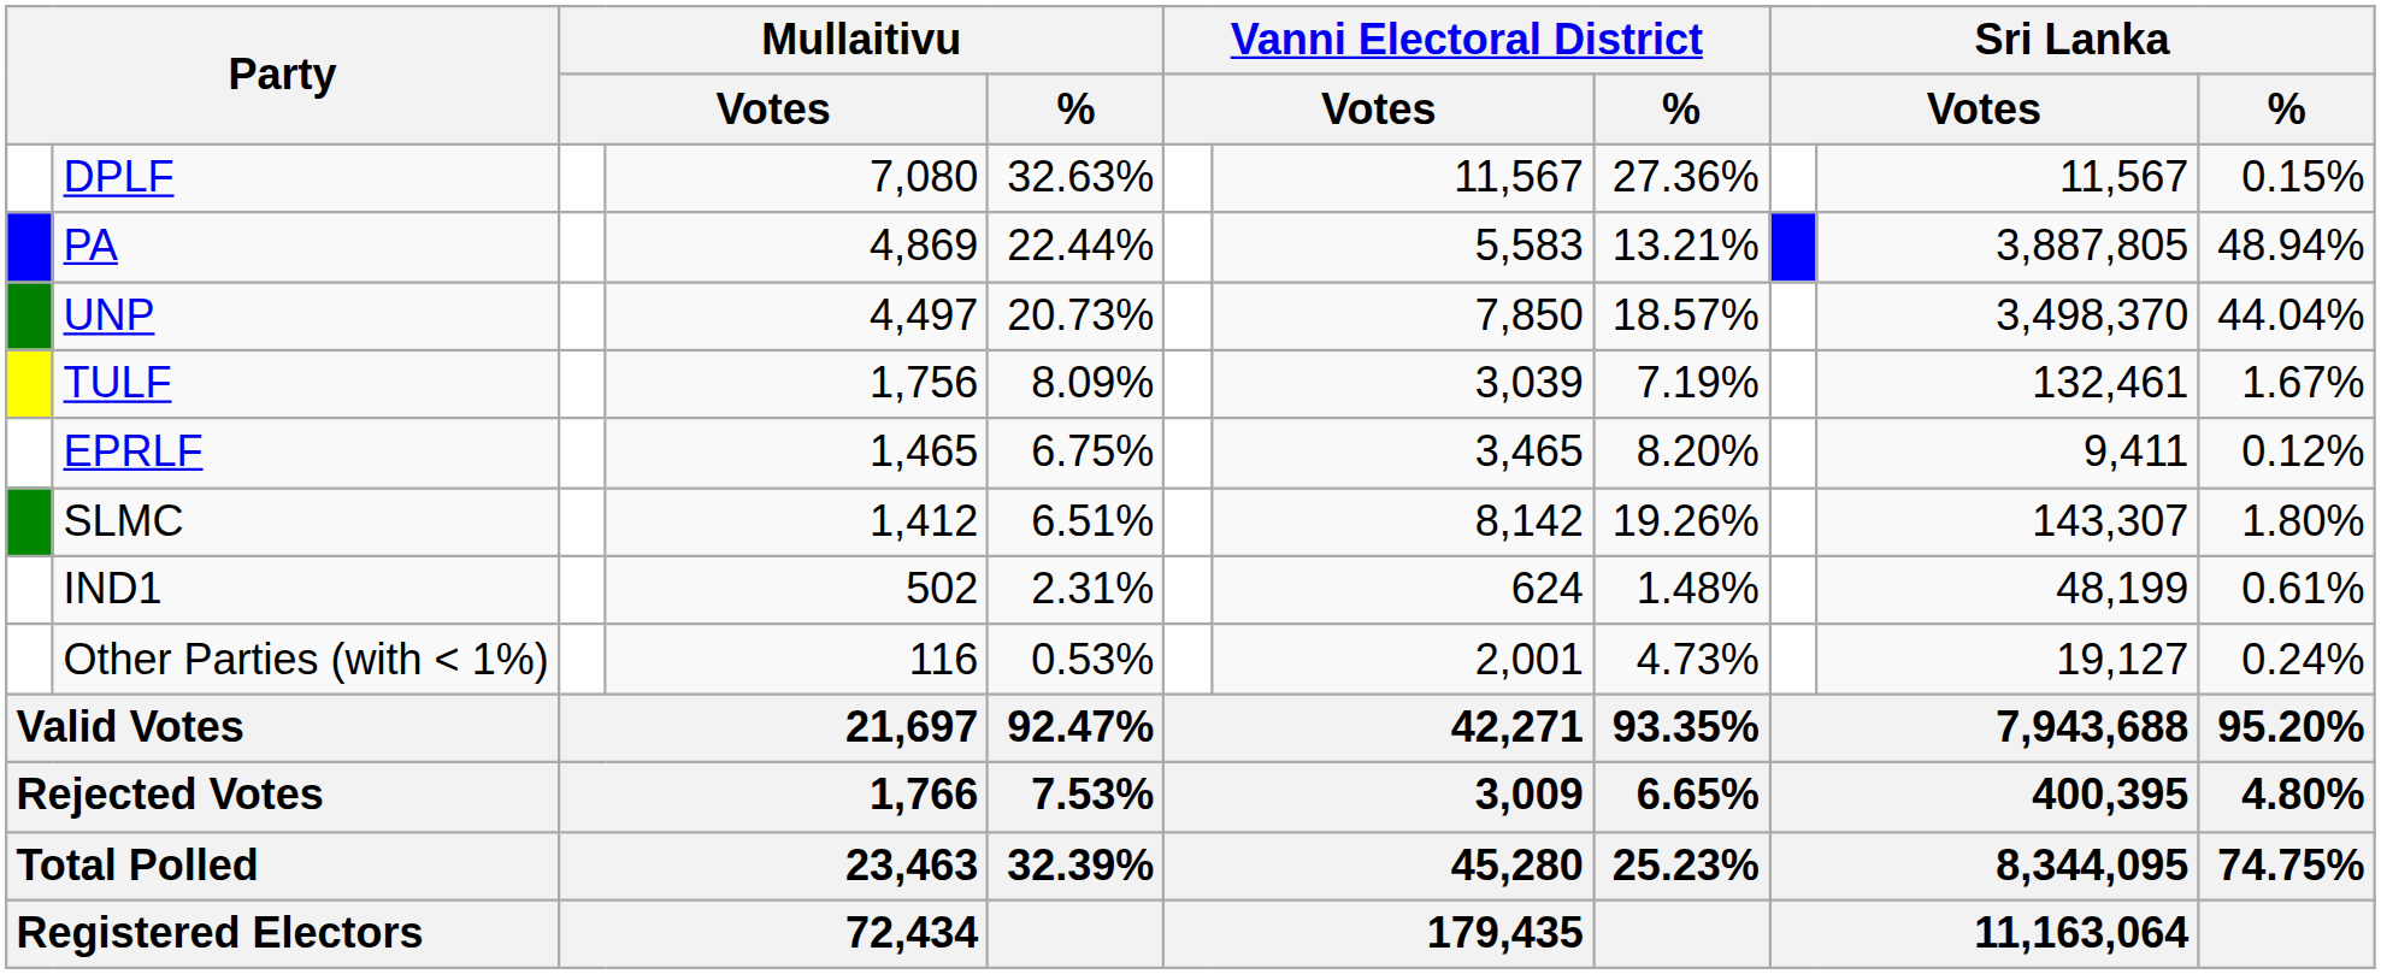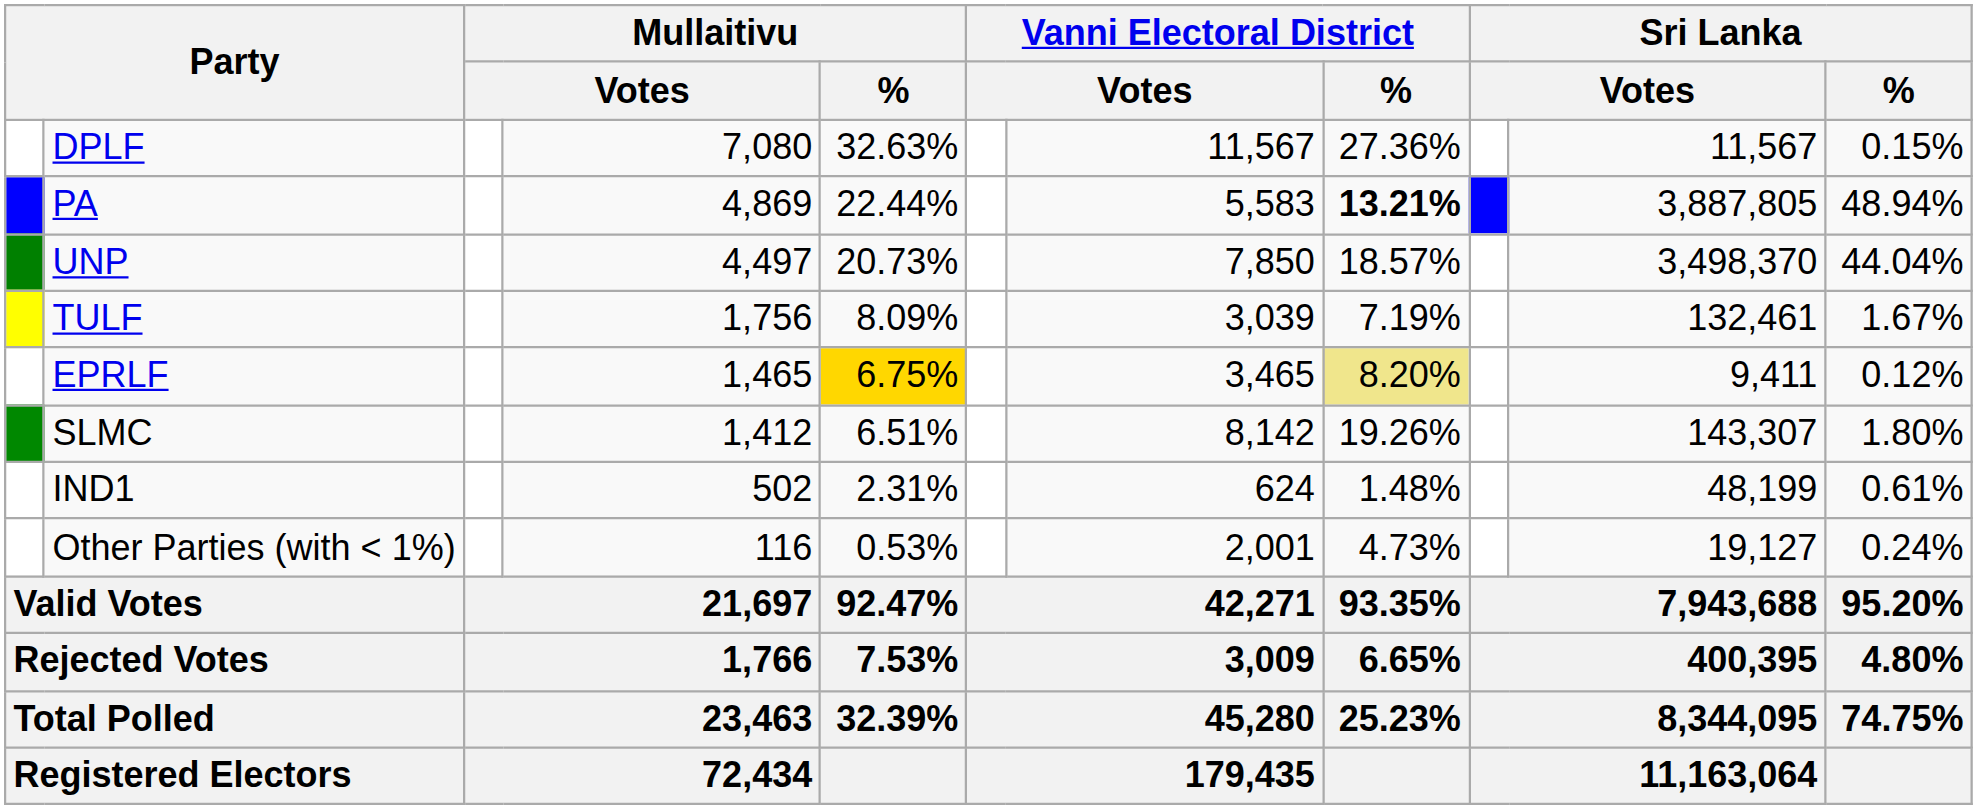 <table class="wikitable">
 <tr>
 <th colspan="2" width="144px"rowspan="2">Party</th>
 <th colspan="3" width="216px">Mullaitivu</th>
 <th colspan="3" width="216px"><a href='#'>Vanni Electoral District</a></th>
 <th colspan="3" width="216px">Sri Lanka</th>
 </tr>
 <tr>
 <th colspan="2" width="144px">Votes</th>
 <th>%</th>
 <th colspan="2" width="144px">Votes</th>
 <th>%</th>
 <th colspan="2" width="144px">Votes</th>
 <th>%</th>
 </tr>
 <tr>
 <td style="background-color:white;" width="10px"></td>
 <td style="text-align:left;"><a href='#'>DPLF</a></td>
 <td style="background-color:white;" width="10px"></td>
 <td style="text-align:right;">7,080</td>
 <td style="text-align:right;">32.63%</td>
 <td style="background-color:white;" width="10px"></td>
 <td style="text-align:right;">11,567</td>
 <td style="text-align:right;">27.36%</td>
 <td style="background-color:white;" width="10px"></td>
 <td style="text-align:right;">11,567</td>
 <td style="text-align:right;">0.15%</td>
 </tr>
 <tr>
 <td style="background-color:blue;" width="10px"></td>
 <td style="text-align:left;"><a href='#'>PA</a></td>
 <td style="background-color:white;" width="10px"></td>
 <td style="text-align:right;">4,869</td>
 <td style="text-align:right;">22.44%</td>
 <td style="background-color:white;" width="10px"></td>
 <td style="text-align:right;">5,583</td>
-<td style="text-align:right;">13.21%</td>
+<td style="text-align:right;"><strong>13.21%</strong></td>
 <td style="background-color:blue;" width="10px"></td>
 <td style="text-align:right;">3,887,805</td>
 <td style="text-align:right;">48.94%</td>
 </tr>
 <tr>
 <td style="background-color:green;" width="10px"></td>
 <td style="text-align:left;"><a href='#'>UNP</a></td>
 <td style="background-color:white;" width="10px"></td>
 <td style="text-align:right;">4,497</td>
 <td style="text-align:right;">20.73%</td>
 <td style="background-color:white;" width="10px"></td>
 <td style="text-align:right;">7,850</td>
 <td style="text-align:right;">18.57%</td>
 <td style="background-color:white;" width="10px"></td>
 <td style="text-align:right;">3,498,370</td>
 <td style="text-align:right;">44.04%</td>
 </tr>
 <tr>
 <td style="background-color:yellow;" width="10px"></td>
 <td style="text-align:left;"><a href='#'>TULF</a></td>
 <td style="background-color:white;" width="10px"></td>
 <td style="text-align:right;">1,756</td>
 <td style="text-align:right;">8.09%</td>
 <td style="background-color:white;" width="10px"></td>
 <td style="text-align:right;">3,039</td>
 <td style="text-align:right;">7.19%</td>
 <td style="background-color:white;" width="10px"></td>
 <td style="text-align:right;">132,461</td>
 <td style="text-align:right;">1.67%</td>
 </tr>
 <tr>
 <td style="background-color:white;" width="10px"></td>
 <td style="text-align:left;"><a href='#'>EPRLF</a></td>
 <td style="background-color:white;" width="10px"></td>
 <td style="text-align:right;">1,465</td>
-<td style="text-align:right;">6.75%</td>
+<td style="background: gold; text-align:right;">6.75%</td>
 <td style="background-color:white;" width="10px"></td>
 <td style="text-align:right;">3,465</td>
-<td style="text-align:right;">8.20%</td>
+<td style="background: khaki; text-align:right;">8.20%</td>
 <td style="background-color:white;" width="10px"></td>
 <td style="text-align:right;">9,411</td>
 <td style="text-align:right;">0.12%</td>
 </tr>
 <tr>
 <td style="background-color:#008800;" width="10px"></td>
 <td style="text-align:left;">SLMC</td>
 <td style="background-color:white;" width="10px"></td>
 <td style="text-align:right;">1,412</td>
 <td style="text-align:right;">6.51%</td>
 <td style="background-color:white;" width="10px"></td>
 <td style="text-align:right;">8,142</td>
 <td style="text-align:right;">19.26%</td>
 <td style="background-color:white;" width="10px"></td>
 <td style="text-align:right;">143,307</td>
 <td style="text-align:right;">1.80%</td>
 </tr>
 <tr>
 <td style="background-color:white;" width="10px"></td>
 <td style="text-align:left;">IND1</td>
 <td style="background-color:white;" width="10px"></td>
 <td style="text-align:right;">502</td>
 <td style="text-align:right;">2.31%</td>
 <td style="background-color:white;" width="10px"></td>
 <td style="text-align:right;">624</td>
 <td style="text-align:right;">1.48%</td>
 <td style="background-color:white;" width="10px"></td>
 <td style="text-align:right;">48,199</td>
 <td style="text-align:right;">0.61%</td>
 </tr>
 <tr>
 <td style="background-color:white;" width="10px"></td>
 <td style="text-align:left;">Other Parties (with < 1%)</td>
 <td style="background-color:white;" width="10px"></td>
 <td style="text-align:right;">116</td>
 <td style="text-align:right;">0.53%</td>
 <td style="background-color:white;" width="10px"></td>
 <td style="text-align:right;">2,001</td>
 <td style="text-align:right;">4.73%</td>
 <td style="background-color:white;" width="10px"></td>
 <td style="text-align:right;">19,127</td>
 <td style="text-align:right;">0.24%</td>
 </tr>
 <tr>
 <th colspan="2" width="144px"style="text-align:left;">Valid Votes</th>
 <th style="text-align:right;"colspan="2" width="144px">21,697</th>
 <th style="text-align:right;">92.47%</th>
 <th style="text-align:right;"colspan="2" width="144px">42,271</th>
 <th style="text-align:right;">93.35%</th>
 <th style="text-align:right;"colspan="2" width="144px">7,943,688</th>
 <th style="text-align:right;">95.20%</th>
 </tr>
 <tr>
 <th colspan="2" width="144px"style="text-align:left;">Rejected Votes</th>
 <th style="text-align:right;"colspan="2" width="144px">1,766</th>
 <th style="text-align:right;">7.53%</th>
 <th style="text-align:right;"colspan="2" width="144px">3,009</th>
 <th style="text-align:right;">6.65%</th>
 <th style="text-align:right;"colspan="2" width="144px">400,395</th>
 <th style="text-align:right;">4.80%</th>
 </tr>
 <tr>
 <th colspan="2" width="144px"style="text-align:left;">Total Polled</th>
 <th style="text-align:right;"colspan="2" width="144px">23,463</th>
 <th style="text-align:right;">32.39%</th>
 <th style="text-align:right;"colspan="2" width="144px">45,280</th>
 <th style="text-align:right;">25.23%</th>
 <th style="text-align:right;"colspan="2" width="144px">8,344,095</th>
 <th style="text-align:right;">74.75%</th>
 </tr>
 <tr>
 <th colspan="2" width="144px"style="text-align:left;">Registered Electors</th>
 <th style="text-align:right;"colspan="2" width="144px">72,434</th>
 <th></th>
 <th style="text-align:right;"colspan="2" width="144px">179,435</th>
 <th></th>
 <th style="text-align:right;"colspan="2" width="144px">11,163,064</th>
 <th></th>
 </tr>
 </table>
